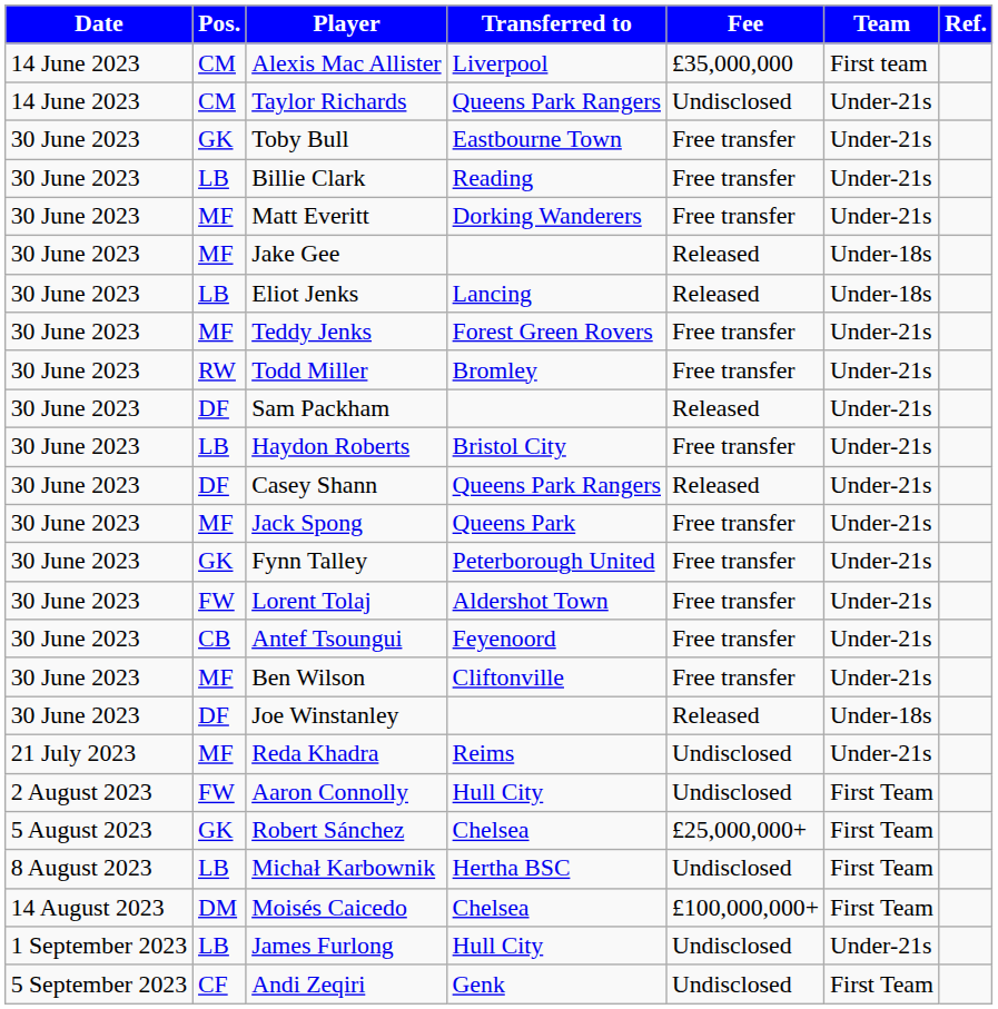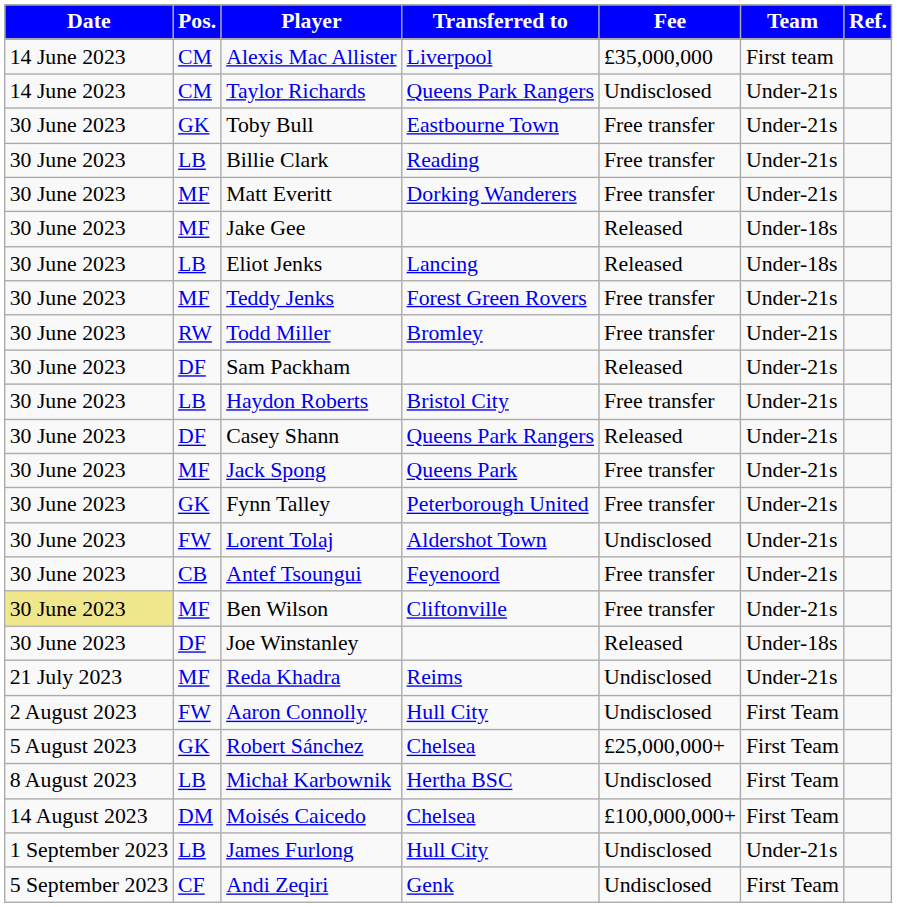 <table class="wikitable plainrowheaders sortable">
 <tr>
 <th style="background:#0000FF; color:#ffffff;">Date</th>
 <th style="background:#0000FF; color:#ffffff;">Pos.</th>
 <th style="background:#0000FF; color:#ffffff;">Player</th>
 <th style="background:#0000FF; color:#ffffff;">Transferred to</th>
 <th style="background:#0000FF; color:#ffffff;">Fee</th>
 <th style="background:#0000FF; color:#FFFFFF; ">Team</th>
 <th style="background:#0000FF; color:#ffffff;">Ref.</th>
 </tr>
 <tr>
 <td>14 June 2023</td>
 <td><a href='#'>CM</a></td>
 <td> <a href='#'>Alexis Mac Allister</a></td>
 <td> <a href='#'>Liverpool</a></td>
 <td>£35,000,000</td>
 <td>First team</td>
 <td></td>
 </tr>
 <tr>
 <td>14 June 2023</td>
 <td><a href='#'>CM</a></td>
 <td> <a href='#'>Taylor Richards</a></td>
 <td> <a href='#'>Queens Park Rangers</a></td>
 <td>Undisclosed</td>
 <td>Under-21s</td>
 <td></td>
 </tr>
 <tr>
 <td>30 June 2023</td>
 <td><a href='#'>GK</a></td>
 <td> Toby Bull</td>
 <td> <a href='#'>Eastbourne Town</a></td>
 <td>Free transfer</td>
 <td>Under-21s</td>
 <td></td>
 </tr>
 <tr>
 <td>30 June 2023</td>
 <td><a href='#'>LB</a></td>
 <td> Billie Clark</td>
 <td> <a href='#'>Reading</a></td>
 <td>Free transfer</td>
 <td>Under-21s</td>
 <td></td>
 </tr>
 <tr>
 <td>30 June 2023</td>
 <td><a href='#'>MF</a></td>
 <td> Matt Everitt</td>
 <td> <a href='#'>Dorking Wanderers</a></td>
 <td>Free transfer</td>
 <td>Under-21s</td>
 <td></td>
 </tr>
 <tr>
 <td>30 June 2023</td>
 <td><a href='#'>MF</a></td>
 <td> Jake Gee</td>
 <td></td>
 <td>Released</td>
 <td>Under-18s</td>
 <td></td>
 </tr>
 <tr>
 <td>30 June 2023</td>
 <td><a href='#'>LB</a></td>
 <td> Eliot Jenks</td>
 <td> <a href='#'>Lancing</a></td>
 <td>Released</td>
 <td>Under-18s</td>
 <td></td>
 </tr>
 <tr>
 <td>30 June 2023</td>
 <td><a href='#'>MF</a></td>
 <td> <a href='#'>Teddy Jenks</a></td>
 <td> <a href='#'>Forest Green Rovers</a></td>
 <td>Free transfer</td>
 <td>Under-21s</td>
 <td></td>
 </tr>
 <tr>
 <td>30 June 2023</td>
 <td><a href='#'>RW</a></td>
 <td> <a href='#'>Todd Miller</a></td>
 <td> <a href='#'>Bromley</a></td>
 <td>Free transfer</td>
 <td>Under-21s</td>
 <td></td>
 </tr>
 <tr>
 <td>30 June 2023</td>
 <td><a href='#'>DF</a></td>
 <td> Sam Packham</td>
 <td></td>
 <td>Released</td>
 <td>Under-21s</td>
 <td></td>
 </tr>
 <tr>
 <td>30 June 2023</td>
 <td><a href='#'>LB</a></td>
 <td> <a href='#'>Haydon Roberts</a></td>
 <td> <a href='#'>Bristol City</a></td>
 <td>Free transfer</td>
 <td>Under-21s</td>
 <td></td>
 </tr>
 <tr>
 <td>30 June 2023</td>
 <td><a href='#'>DF</a></td>
 <td> Casey Shann</td>
 <td> <a href='#'>Queens Park Rangers</a></td>
 <td>Released</td>
 <td>Under-21s</td>
 <td></td>
 </tr>
 <tr>
 <td>30 June 2023</td>
 <td><a href='#'>MF</a></td>
 <td> <a href='#'>Jack Spong</a></td>
 <td> <a href='#'> Queens Park</a></td>
 <td>Free transfer</td>
 <td>Under-21s</td>
 <td></td>
 </tr>
 <tr>
 <td>30 June 2023</td>
 <td><a href='#'>GK</a></td>
 <td> Fynn Talley</td>
 <td> <a href='#'>Peterborough United</a></td>
 <td>Free transfer</td>
 <td>Under-21s</td>
 <td></td>
 </tr>
 <tr>
 <td>30 June 2023</td>
 <td><a href='#'>FW</a></td>
 <td> <a href='#'>Lorent Tolaj</a></td>
 <td> <a href='#'>Aldershot Town</a></td>
-<td>Free transfer</td>
+<td>Undisclosed</td>
 <td>Under-21s</td>
 <td></td>
 </tr>
 <tr>
 <td>30 June 2023</td>
 <td><a href='#'>CB</a></td>
 <td> <a href='#'>Antef Tsoungui</a></td>
 <td> <a href='#'>Feyenoord</a></td>
 <td>Free transfer</td>
 <td>Under-21s</td>
 <td></td>
 </tr>
 <tr>
-<td>30 June 2023</td>
+<td style="background: khaki;">30 June 2023</td>
 <td><a href='#'>MF</a></td>
 <td> Ben Wilson</td>
 <td> <a href='#'>Cliftonville</a></td>
 <td>Free transfer</td>
 <td>Under-21s</td>
 <td></td>
 </tr>
 <tr>
 <td>30 June 2023</td>
 <td><a href='#'>DF</a></td>
 <td> Joe Winstanley</td>
 <td></td>
 <td>Released</td>
 <td>Under-18s</td>
 <td></td>
 </tr>
 <tr>
 <td>21 July 2023</td>
 <td><a href='#'>MF</a></td>
 <td> <a href='#'>Reda Khadra</a></td>
 <td> <a href='#'>Reims</a></td>
 <td>Undisclosed</td>
 <td>Under-21s</td>
 <td></td>
 </tr>
 <tr>
 <td>2 August 2023</td>
 <td><a href='#'>FW</a></td>
 <td> <a href='#'>Aaron Connolly</a></td>
 <td> <a href='#'>Hull City</a></td>
 <td>Undisclosed</td>
 <td>First Team</td>
 <td></td>
 </tr>
 <tr>
 <td>5 August 2023</td>
 <td><a href='#'>GK</a></td>
 <td> <a href='#'>Robert Sánchez</a></td>
 <td> <a href='#'>Chelsea</a></td>
 <td>£25,000,000+ </td>
 <td>First Team</td>
 <td></td>
 </tr>
 <tr>
 <td>8 August 2023</td>
 <td><a href='#'>LB</a></td>
 <td> <a href='#'>Michał Karbownik</a></td>
 <td> <a href='#'>Hertha BSC</a></td>
 <td>Undisclosed</td>
 <td>First Team</td>
 <td></td>
 </tr>
 <tr>
 <td>14 August 2023</td>
 <td><a href='#'>DM</a></td>
 <td> <a href='#'>Moisés Caicedo</a></td>
 <td> <a href='#'>Chelsea</a></td>
 <td>£100,000,000+ </td>
 <td>First Team</td>
 <td></td>
 </tr>
 <tr>
 <td>1 September 2023</td>
 <td><a href='#'>LB</a></td>
 <td> <a href='#'>James Furlong</a></td>
 <td> <a href='#'>Hull City</a></td>
 <td>Undisclosed</td>
 <td>Under-21s</td>
 <td></td>
 </tr>
 <tr>
 <td>5 September 2023</td>
 <td><a href='#'>CF</a></td>
 <td> <a href='#'>Andi Zeqiri</a></td>
 <td> <a href='#'>Genk</a></td>
 <td>Undisclosed</td>
 <td>First Team</td>
 <td></td>
 </tr>
 </table>
